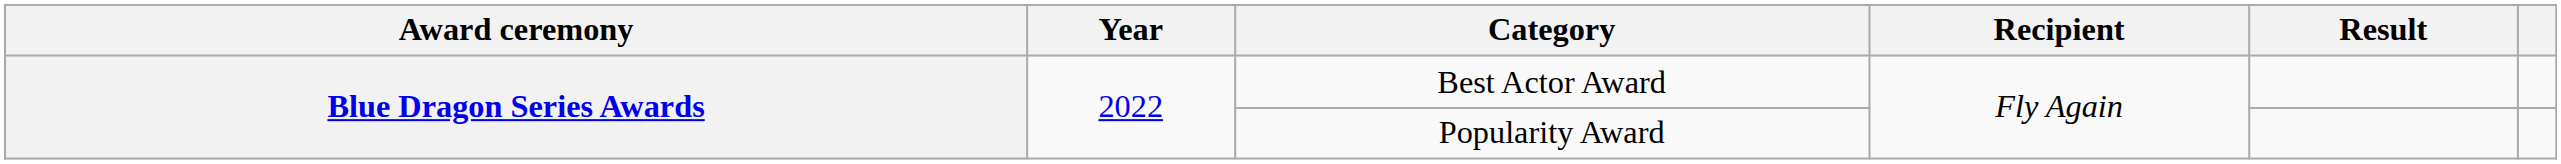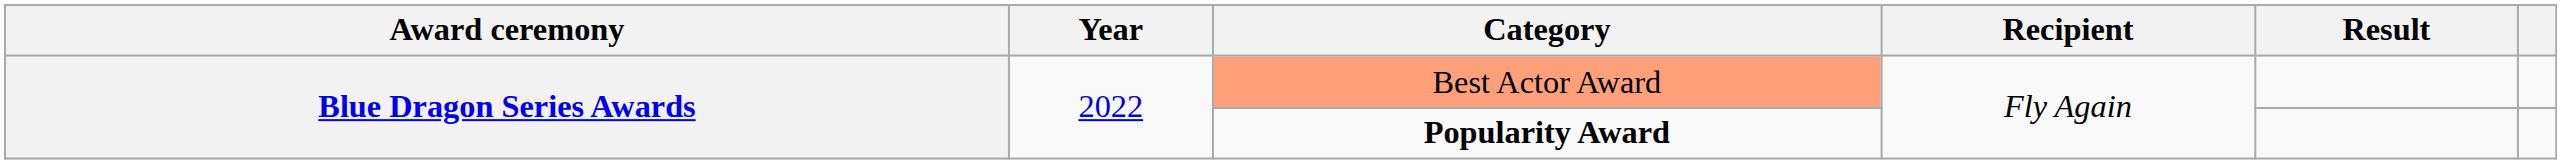 <table class="wikitable sortable plainrowheaders" style="text-align:center; width:100%">
 <tr>
 <th scope="col">Award ceremony</th>
 <th scope="col">Year</th>
 <th scope="col">Category</th>
 <th scope="col">Recipient</th>
 <th scope="col">Result</th>
 <th scope="col" class="unsortable"></th>
 </tr>
 <tr>
 <th scope="row" rowspan="2"><a href='#'>Blue Dragon Series Awards</a></th>
 <td rowspan="2"><a href='#'>2022</a></td>
-<td>Best Actor Award</td>
+<td style="background: lightsalmon;">Best Actor Award</td>
 <td rowspan="2"><em>Fly Again</em></td>
 <td></td>
 <td></td>
 </tr>
 <tr>
-<td>Popularity Award</td>
+<td><strong>Popularity Award</strong></td>
 <td></td>
 <td></td>
 </tr>
 </table>
